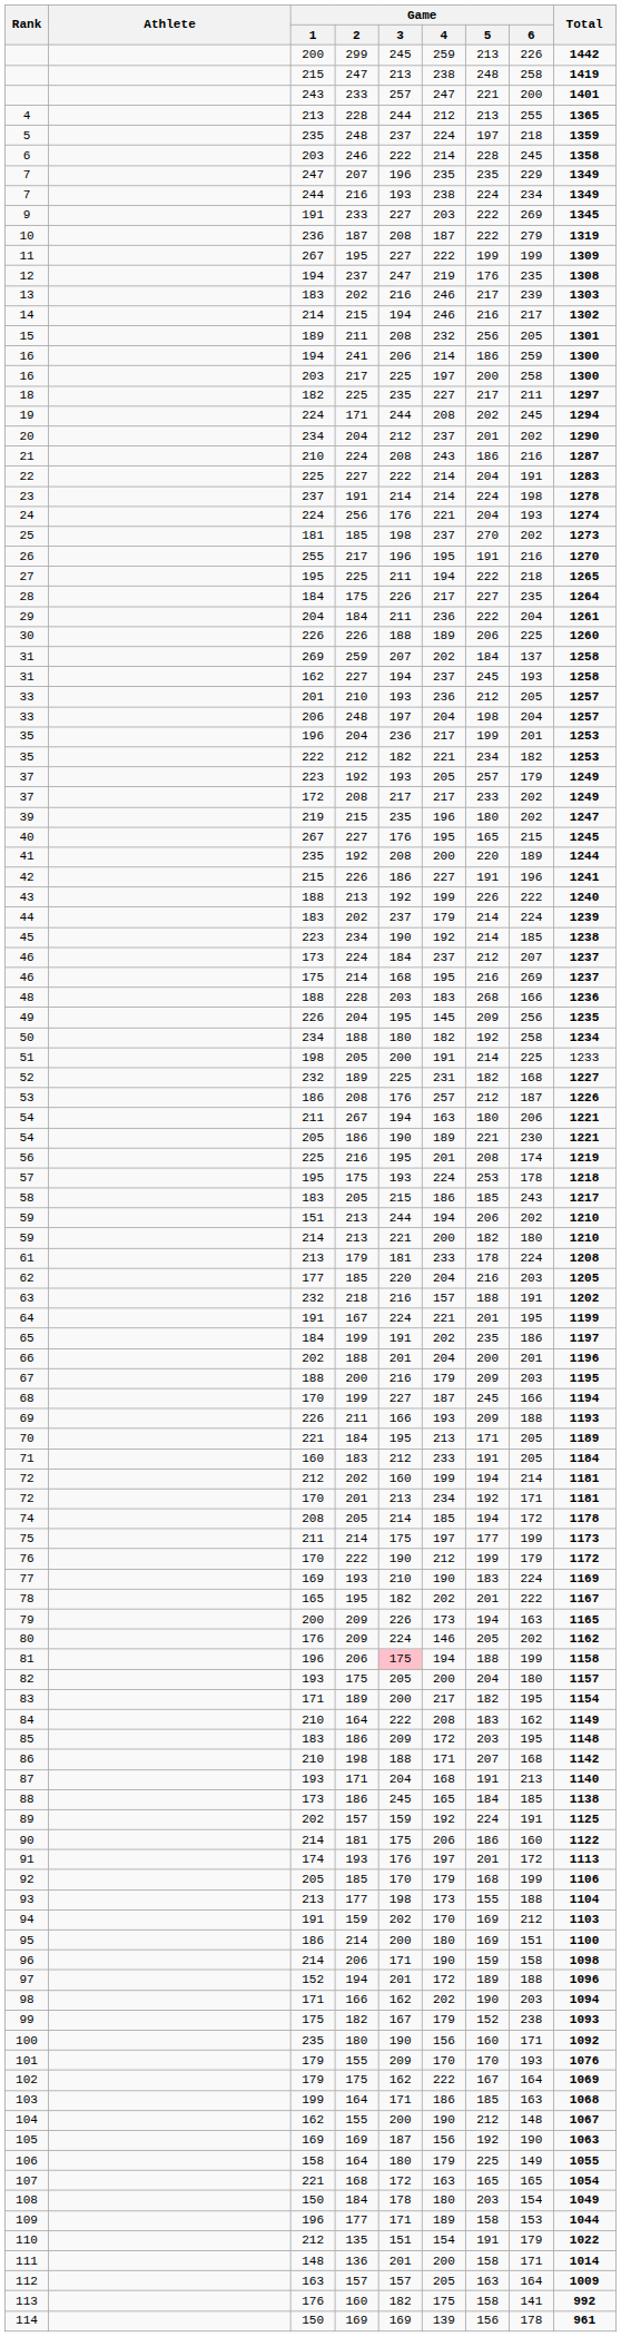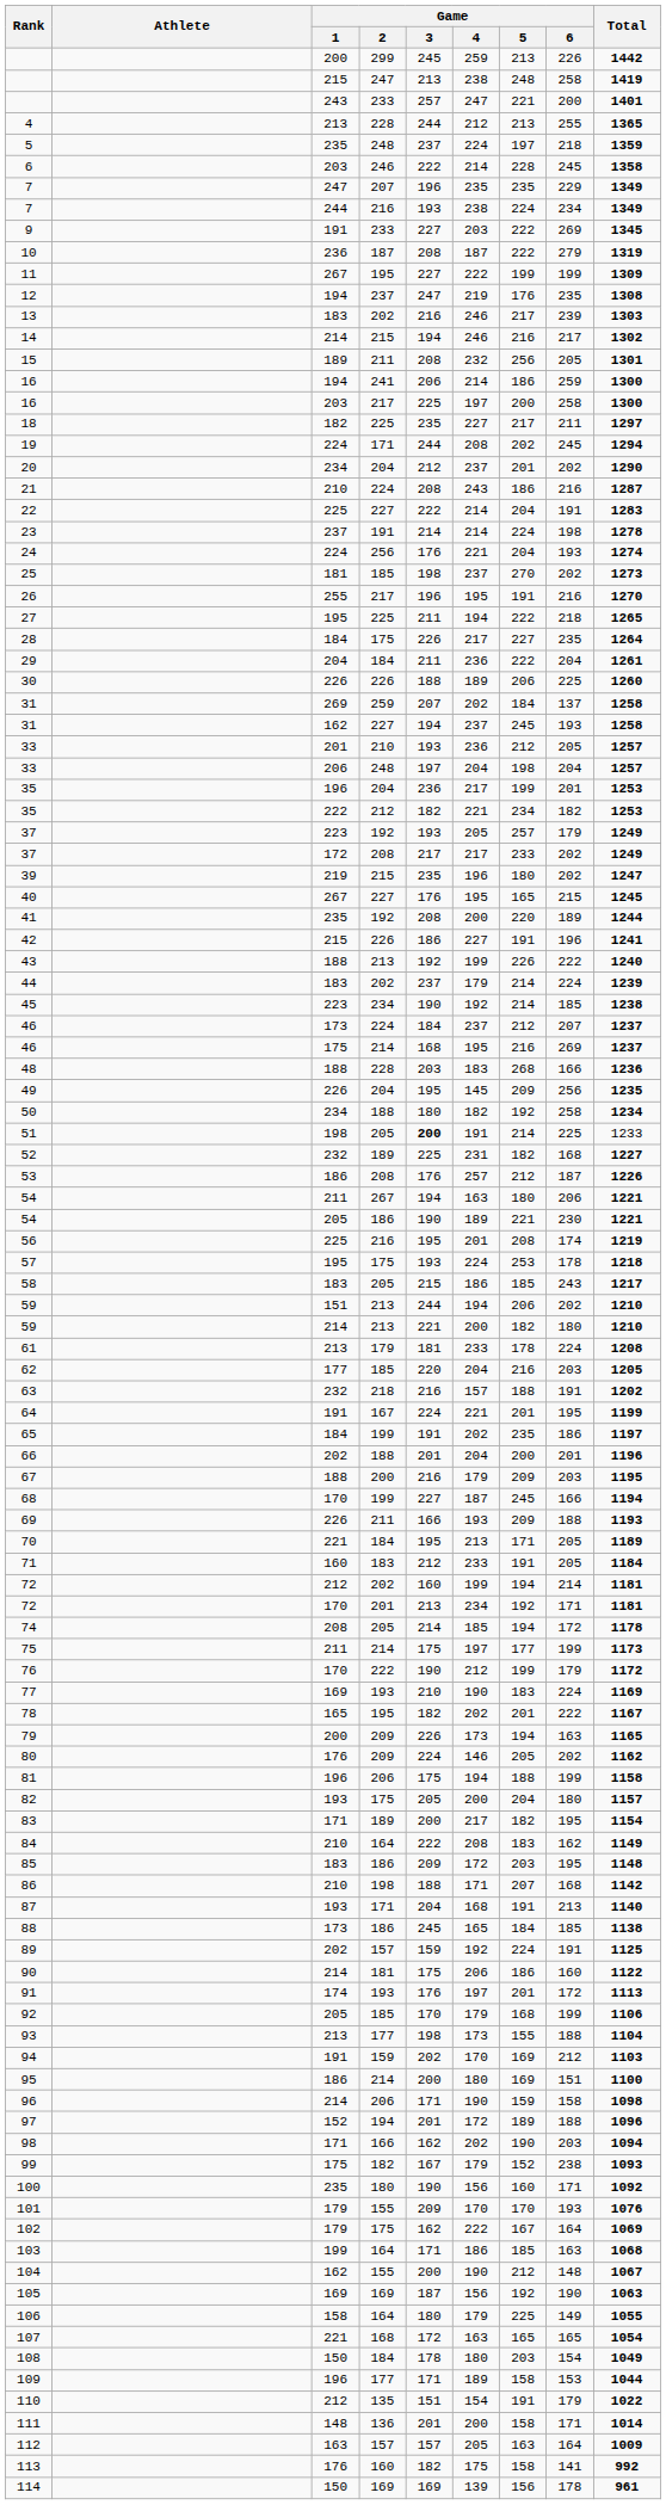 <table class=wikitable style="text-align:center">
 <tr>
 <th rowspan="2" width=40>Rank</th>
 <th rowspan="2" width=250>Athlete</th>
 <th colspan="6">Game</th>
 <th rowspan="2" width=60>Total</th>
 </tr>
 <tr>
 <th width=40>1</th>
 <th width=40>2</th>
 <th width=40>3</th>
 <th width=40>4</th>
 <th width=40>5</th>
 <th width=40>6</th>
 </tr>
 <tr>
 <td></td>
 <td align=left></td>
 <td>200</td>
 <td>299</td>
 <td>245</td>
 <td>259</td>
 <td>213</td>
 <td>226</td>
 <td><strong>1442</strong></td>
 </tr>
 <tr>
 <td></td>
 <td align=left></td>
 <td>215</td>
 <td>247</td>
 <td>213</td>
 <td>238</td>
 <td>248</td>
 <td>258</td>
 <td><strong>1419</strong></td>
 </tr>
 <tr>
 <td></td>
 <td align=left></td>
 <td>243</td>
 <td>233</td>
 <td>257</td>
 <td>247</td>
 <td>221</td>
 <td>200</td>
 <td><strong>1401</strong></td>
 </tr>
 <tr>
 <td>4</td>
 <td align=left></td>
 <td>213</td>
 <td>228</td>
 <td>244</td>
 <td>212</td>
 <td>213</td>
 <td>255</td>
 <td><strong>1365</strong></td>
 </tr>
 <tr>
 <td>5</td>
 <td align=left></td>
 <td>235</td>
 <td>248</td>
 <td>237</td>
 <td>224</td>
 <td>197</td>
 <td>218</td>
 <td><strong>1359</strong></td>
 </tr>
 <tr>
 <td>6</td>
 <td align=left></td>
 <td>203</td>
 <td>246</td>
 <td>222</td>
 <td>214</td>
 <td>228</td>
 <td>245</td>
 <td><strong>1358</strong></td>
 </tr>
 <tr>
 <td>7</td>
 <td align=left></td>
 <td>247</td>
 <td>207</td>
 <td>196</td>
 <td>235</td>
 <td>235</td>
 <td>229</td>
 <td><strong>1349</strong></td>
 </tr>
 <tr>
 <td>7</td>
 <td align=left></td>
 <td>244</td>
 <td>216</td>
 <td>193</td>
 <td>238</td>
 <td>224</td>
 <td>234</td>
 <td><strong>1349</strong></td>
 </tr>
 <tr>
 <td>9</td>
 <td align=left></td>
 <td>191</td>
 <td>233</td>
 <td>227</td>
 <td>203</td>
 <td>222</td>
 <td>269</td>
 <td><strong>1345</strong></td>
 </tr>
 <tr>
 <td>10</td>
 <td align=left></td>
 <td>236</td>
 <td>187</td>
 <td>208</td>
 <td>187</td>
 <td>222</td>
 <td>279</td>
 <td><strong>1319</strong></td>
 </tr>
 <tr>
 <td>11</td>
 <td align=left></td>
 <td>267</td>
 <td>195</td>
 <td>227</td>
 <td>222</td>
 <td>199</td>
 <td>199</td>
 <td><strong>1309</strong></td>
 </tr>
 <tr>
 <td>12</td>
 <td align=left></td>
 <td>194</td>
 <td>237</td>
 <td>247</td>
 <td>219</td>
 <td>176</td>
 <td>235</td>
 <td><strong>1308</strong></td>
 </tr>
 <tr>
 <td>13</td>
 <td align=left></td>
 <td>183</td>
 <td>202</td>
 <td>216</td>
 <td>246</td>
 <td>217</td>
 <td>239</td>
 <td><strong>1303</strong></td>
 </tr>
 <tr>
 <td>14</td>
 <td align=left></td>
 <td>214</td>
 <td>215</td>
 <td>194</td>
 <td>246</td>
 <td>216</td>
 <td>217</td>
 <td><strong>1302</strong></td>
 </tr>
 <tr>
 <td>15</td>
 <td align=left></td>
 <td>189</td>
 <td>211</td>
 <td>208</td>
 <td>232</td>
 <td>256</td>
 <td>205</td>
 <td><strong>1301</strong></td>
 </tr>
 <tr>
 <td>16</td>
 <td align=left></td>
 <td>194</td>
 <td>241</td>
 <td>206</td>
 <td>214</td>
 <td>186</td>
 <td>259</td>
 <td><strong>1300</strong></td>
 </tr>
 <tr>
 <td>16</td>
 <td align=left></td>
 <td>203</td>
 <td>217</td>
 <td>225</td>
 <td>197</td>
 <td>200</td>
 <td>258</td>
 <td><strong>1300</strong></td>
 </tr>
 <tr>
 <td>18</td>
 <td align=left></td>
 <td>182</td>
 <td>225</td>
 <td>235</td>
 <td>227</td>
 <td>217</td>
 <td>211</td>
 <td><strong>1297</strong></td>
 </tr>
 <tr>
 <td>19</td>
 <td align=left></td>
 <td>224</td>
 <td>171</td>
 <td>244</td>
 <td>208</td>
 <td>202</td>
 <td>245</td>
 <td><strong>1294</strong></td>
 </tr>
 <tr>
 <td>20</td>
 <td align=left></td>
 <td>234</td>
 <td>204</td>
 <td>212</td>
 <td>237</td>
 <td>201</td>
 <td>202</td>
 <td><strong>1290</strong></td>
 </tr>
 <tr>
 <td>21</td>
 <td align=left></td>
 <td>210</td>
 <td>224</td>
 <td>208</td>
 <td>243</td>
 <td>186</td>
 <td>216</td>
 <td><strong>1287</strong></td>
 </tr>
 <tr>
 <td>22</td>
 <td align=left></td>
 <td>225</td>
 <td>227</td>
 <td>222</td>
 <td>214</td>
 <td>204</td>
 <td>191</td>
 <td><strong>1283</strong></td>
 </tr>
 <tr>
 <td>23</td>
 <td align=left></td>
 <td>237</td>
 <td>191</td>
 <td>214</td>
 <td>214</td>
 <td>224</td>
 <td>198</td>
 <td><strong>1278</strong></td>
 </tr>
 <tr>
 <td>24</td>
 <td align=left></td>
 <td>224</td>
 <td>256</td>
 <td>176</td>
 <td>221</td>
 <td>204</td>
 <td>193</td>
 <td><strong>1274</strong></td>
 </tr>
 <tr>
 <td>25</td>
 <td align=left></td>
 <td>181</td>
 <td>185</td>
 <td>198</td>
 <td>237</td>
 <td>270</td>
 <td>202</td>
 <td><strong>1273</strong></td>
 </tr>
 <tr>
 <td>26</td>
 <td align=left></td>
 <td>255</td>
 <td>217</td>
 <td>196</td>
 <td>195</td>
 <td>191</td>
 <td>216</td>
 <td><strong>1270</strong></td>
 </tr>
 <tr>
 <td>27</td>
 <td align=left></td>
 <td>195</td>
 <td>225</td>
 <td>211</td>
 <td>194</td>
 <td>222</td>
 <td>218</td>
 <td><strong>1265</strong></td>
 </tr>
 <tr>
 <td>28</td>
 <td align=left></td>
 <td>184</td>
 <td>175</td>
 <td>226</td>
 <td>217</td>
 <td>227</td>
 <td>235</td>
 <td><strong>1264</strong></td>
 </tr>
 <tr>
 <td>29</td>
 <td align=left></td>
 <td>204</td>
 <td>184</td>
 <td>211</td>
 <td>236</td>
 <td>222</td>
 <td>204</td>
 <td><strong>1261</strong></td>
 </tr>
 <tr>
 <td>30</td>
 <td align=left></td>
 <td>226</td>
 <td>226</td>
 <td>188</td>
 <td>189</td>
 <td>206</td>
 <td>225</td>
 <td><strong>1260</strong></td>
 </tr>
 <tr>
 <td>31</td>
 <td align=left></td>
 <td>269</td>
 <td>259</td>
 <td>207</td>
 <td>202</td>
 <td>184</td>
 <td>137</td>
 <td><strong>1258</strong></td>
 </tr>
 <tr>
 <td>31</td>
 <td align=left></td>
 <td>162</td>
 <td>227</td>
 <td>194</td>
 <td>237</td>
 <td>245</td>
 <td>193</td>
 <td><strong>1258</strong></td>
 </tr>
 <tr>
 <td>33</td>
 <td align=left></td>
 <td>201</td>
 <td>210</td>
 <td>193</td>
 <td>236</td>
 <td>212</td>
 <td>205</td>
 <td><strong>1257</strong></td>
 </tr>
 <tr>
 <td>33</td>
 <td align=left></td>
 <td>206</td>
 <td>248</td>
 <td>197</td>
 <td>204</td>
 <td>198</td>
 <td>204</td>
 <td><strong>1257</strong></td>
 </tr>
 <tr>
 <td>35</td>
 <td align=left></td>
 <td>196</td>
 <td>204</td>
 <td>236</td>
 <td>217</td>
 <td>199</td>
 <td>201</td>
 <td><strong>1253</strong></td>
 </tr>
 <tr>
 <td>35</td>
 <td align=left></td>
 <td>222</td>
 <td>212</td>
 <td>182</td>
 <td>221</td>
 <td>234</td>
 <td>182</td>
 <td><strong>1253</strong></td>
 </tr>
 <tr>
 <td>37</td>
 <td align=left></td>
 <td>223</td>
 <td>192</td>
 <td>193</td>
 <td>205</td>
 <td>257</td>
 <td>179</td>
 <td><strong>1249</strong></td>
 </tr>
 <tr>
 <td>37</td>
 <td align=left></td>
 <td>172</td>
 <td>208</td>
 <td>217</td>
 <td>217</td>
 <td>233</td>
 <td>202</td>
 <td><strong>1249</strong></td>
 </tr>
 <tr>
 <td>39</td>
 <td align=left></td>
 <td>219</td>
 <td>215</td>
 <td>235</td>
 <td>196</td>
 <td>180</td>
 <td>202</td>
 <td><strong>1247</strong></td>
 </tr>
 <tr>
 <td>40</td>
 <td align=left></td>
 <td>267</td>
 <td>227</td>
 <td>176</td>
 <td>195</td>
 <td>165</td>
 <td>215</td>
 <td><strong>1245</strong></td>
 </tr>
 <tr>
 <td>41</td>
 <td align=left></td>
 <td>235</td>
 <td>192</td>
 <td>208</td>
 <td>200</td>
 <td>220</td>
 <td>189</td>
 <td><strong>1244</strong></td>
 </tr>
 <tr>
 <td>42</td>
 <td align=left></td>
 <td>215</td>
 <td>226</td>
 <td>186</td>
 <td>227</td>
 <td>191</td>
 <td>196</td>
 <td><strong>1241</strong></td>
 </tr>
 <tr>
 <td>43</td>
 <td align=left></td>
 <td>188</td>
 <td>213</td>
 <td>192</td>
 <td>199</td>
 <td>226</td>
 <td>222</td>
 <td><strong>1240</strong></td>
 </tr>
 <tr>
 <td>44</td>
 <td align=left></td>
 <td>183</td>
 <td>202</td>
 <td>237</td>
 <td>179</td>
 <td>214</td>
 <td>224</td>
 <td><strong>1239</strong></td>
 </tr>
 <tr>
 <td>45</td>
 <td align=left></td>
 <td>223</td>
 <td>234</td>
 <td>190</td>
 <td>192</td>
 <td>214</td>
 <td>185</td>
 <td><strong>1238</strong></td>
 </tr>
 <tr>
 <td>46</td>
 <td align=left></td>
 <td>173</td>
 <td>224</td>
 <td>184</td>
 <td>237</td>
 <td>212</td>
 <td>207</td>
 <td><strong>1237</strong></td>
 </tr>
 <tr>
 <td>46</td>
 <td align=left></td>
 <td>175</td>
 <td>214</td>
 <td>168</td>
 <td>195</td>
 <td>216</td>
 <td>269</td>
 <td><strong>1237</strong></td>
 </tr>
 <tr>
 <td>48</td>
 <td align=left></td>
 <td>188</td>
 <td>228</td>
 <td>203</td>
 <td>183</td>
 <td>268</td>
 <td>166</td>
 <td><strong>1236</strong></td>
 </tr>
 <tr>
 <td>49</td>
 <td align=left></td>
 <td>226</td>
 <td>204</td>
 <td>195</td>
 <td>145</td>
 <td>209</td>
 <td>256</td>
 <td><strong>1235</strong></td>
 </tr>
 <tr>
 <td>50</td>
 <td align=left></td>
 <td>234</td>
 <td>188</td>
 <td>180</td>
 <td>182</td>
 <td>192</td>
 <td>258</td>
 <td><strong>1234</strong></td>
 </tr>
 <tr>
 <td>51</td>
 <td align=left></td>
 <td>198</td>
 <td>205</td>
-<td>200</td>
+<td><strong>200</strong></td>
 <td>191</td>
 <td>214</td>
 <td>225</td>
 <td>1233</td>
 </tr>
 <tr>
 <td>52</td>
 <td align=left></td>
 <td>232</td>
 <td>189</td>
 <td>225</td>
 <td>231</td>
 <td>182</td>
 <td>168</td>
 <td><strong>1227</strong></td>
 </tr>
 <tr>
 <td>53</td>
 <td align=left></td>
 <td>186</td>
 <td>208</td>
 <td>176</td>
 <td>257</td>
 <td>212</td>
 <td>187</td>
 <td><strong>1226</strong></td>
 </tr>
 <tr>
 <td>54</td>
 <td align=left></td>
 <td>211</td>
 <td>267</td>
 <td>194</td>
 <td>163</td>
 <td>180</td>
 <td>206</td>
 <td><strong>1221</strong></td>
 </tr>
 <tr>
 <td>54</td>
 <td align=left></td>
 <td>205</td>
 <td>186</td>
 <td>190</td>
 <td>189</td>
 <td>221</td>
 <td>230</td>
 <td><strong>1221</strong></td>
 </tr>
 <tr>
 <td>56</td>
 <td align=left></td>
 <td>225</td>
 <td>216</td>
 <td>195</td>
 <td>201</td>
 <td>208</td>
 <td>174</td>
 <td><strong>1219</strong></td>
 </tr>
 <tr>
 <td>57</td>
 <td align=left></td>
 <td>195</td>
 <td>175</td>
 <td>193</td>
 <td>224</td>
 <td>253</td>
 <td>178</td>
 <td><strong>1218</strong></td>
 </tr>
 <tr>
 <td>58</td>
 <td align=left></td>
 <td>183</td>
 <td>205</td>
 <td>215</td>
 <td>186</td>
 <td>185</td>
 <td>243</td>
 <td><strong>1217</strong></td>
 </tr>
 <tr>
 <td>59</td>
 <td align=left></td>
 <td>151</td>
 <td>213</td>
 <td>244</td>
 <td>194</td>
 <td>206</td>
 <td>202</td>
 <td><strong>1210</strong></td>
 </tr>
 <tr>
 <td>59</td>
 <td align=left></td>
 <td>214</td>
 <td>213</td>
 <td>221</td>
 <td>200</td>
 <td>182</td>
 <td>180</td>
 <td><strong>1210</strong></td>
 </tr>
 <tr>
 <td>61</td>
 <td align=left></td>
 <td>213</td>
 <td>179</td>
 <td>181</td>
 <td>233</td>
 <td>178</td>
 <td>224</td>
 <td><strong>1208</strong></td>
 </tr>
 <tr>
 <td>62</td>
 <td align=left></td>
 <td>177</td>
 <td>185</td>
 <td>220</td>
 <td>204</td>
 <td>216</td>
 <td>203</td>
 <td><strong>1205</strong></td>
 </tr>
 <tr>
 <td>63</td>
 <td align=left></td>
 <td>232</td>
 <td>218</td>
 <td>216</td>
 <td>157</td>
 <td>188</td>
 <td>191</td>
 <td><strong>1202</strong></td>
 </tr>
 <tr>
 <td>64</td>
 <td align=left></td>
 <td>191</td>
 <td>167</td>
 <td>224</td>
 <td>221</td>
 <td>201</td>
 <td>195</td>
 <td><strong>1199</strong></td>
 </tr>
 <tr>
 <td>65</td>
 <td align=left></td>
 <td>184</td>
 <td>199</td>
 <td>191</td>
 <td>202</td>
 <td>235</td>
 <td>186</td>
 <td><strong>1197</strong></td>
 </tr>
 <tr>
 <td>66</td>
 <td align=left></td>
 <td>202</td>
 <td>188</td>
 <td>201</td>
 <td>204</td>
 <td>200</td>
 <td>201</td>
 <td><strong>1196</strong></td>
 </tr>
 <tr>
 <td>67</td>
 <td align=left></td>
 <td>188</td>
 <td>200</td>
 <td>216</td>
 <td>179</td>
 <td>209</td>
 <td>203</td>
 <td><strong>1195</strong></td>
 </tr>
 <tr>
 <td>68</td>
 <td align=left></td>
 <td>170</td>
 <td>199</td>
 <td>227</td>
 <td>187</td>
 <td>245</td>
 <td>166</td>
 <td><strong>1194</strong></td>
 </tr>
 <tr>
 <td>69</td>
 <td align=left></td>
 <td>226</td>
 <td>211</td>
 <td>166</td>
 <td>193</td>
 <td>209</td>
 <td>188</td>
 <td><strong>1193</strong></td>
 </tr>
 <tr>
 <td>70</td>
 <td align=left></td>
 <td>221</td>
 <td>184</td>
 <td>195</td>
 <td>213</td>
 <td>171</td>
 <td>205</td>
 <td><strong>1189</strong></td>
 </tr>
 <tr>
 <td>71</td>
 <td align=left></td>
 <td>160</td>
 <td>183</td>
 <td>212</td>
 <td>233</td>
 <td>191</td>
 <td>205</td>
 <td><strong>1184</strong></td>
 </tr>
 <tr>
 <td>72</td>
 <td align=left></td>
 <td>212</td>
 <td>202</td>
 <td>160</td>
 <td>199</td>
 <td>194</td>
 <td>214</td>
 <td><strong>1181</strong></td>
 </tr>
 <tr>
 <td>72</td>
 <td align=left></td>
 <td>170</td>
 <td>201</td>
 <td>213</td>
 <td>234</td>
 <td>192</td>
 <td>171</td>
 <td><strong>1181</strong></td>
 </tr>
 <tr>
 <td>74</td>
 <td align=left></td>
 <td>208</td>
 <td>205</td>
 <td>214</td>
 <td>185</td>
 <td>194</td>
 <td>172</td>
 <td><strong>1178</strong></td>
 </tr>
 <tr>
 <td>75</td>
 <td align=left></td>
 <td>211</td>
 <td>214</td>
 <td>175</td>
 <td>197</td>
 <td>177</td>
 <td>199</td>
 <td><strong>1173</strong></td>
 </tr>
 <tr>
 <td>76</td>
 <td align=left></td>
 <td>170</td>
 <td>222</td>
 <td>190</td>
 <td>212</td>
 <td>199</td>
 <td>179</td>
 <td><strong>1172</strong></td>
 </tr>
 <tr>
 <td>77</td>
 <td align=left></td>
 <td>169</td>
 <td>193</td>
 <td>210</td>
 <td>190</td>
 <td>183</td>
 <td>224</td>
 <td><strong>1169</strong></td>
 </tr>
 <tr>
 <td>78</td>
 <td align=left></td>
 <td>165</td>
 <td>195</td>
 <td>182</td>
 <td>202</td>
 <td>201</td>
 <td>222</td>
 <td><strong>1167</strong></td>
 </tr>
 <tr>
 <td>79</td>
 <td align=left></td>
 <td>200</td>
 <td>209</td>
 <td>226</td>
 <td>173</td>
 <td>194</td>
 <td>163</td>
 <td><strong>1165</strong></td>
 </tr>
 <tr>
 <td>80</td>
 <td align=left></td>
 <td>176</td>
 <td>209</td>
 <td>224</td>
 <td>146</td>
 <td>205</td>
 <td>202</td>
 <td><strong>1162</strong></td>
 </tr>
 <tr>
 <td>81</td>
 <td align=left></td>
 <td>196</td>
 <td>206</td>
-<td style="background: pink;">175</td>
+<td>175</td>
 <td>194</td>
 <td>188</td>
 <td>199</td>
 <td><strong>1158</strong></td>
 </tr>
 <tr>
 <td>82</td>
 <td align=left></td>
 <td>193</td>
 <td>175</td>
 <td>205</td>
 <td>200</td>
 <td>204</td>
 <td>180</td>
 <td><strong>1157</strong></td>
 </tr>
 <tr>
 <td>83</td>
 <td align=left></td>
 <td>171</td>
 <td>189</td>
 <td>200</td>
 <td>217</td>
 <td>182</td>
 <td>195</td>
 <td><strong>1154</strong></td>
 </tr>
 <tr>
 <td>84</td>
 <td align=left></td>
 <td>210</td>
 <td>164</td>
 <td>222</td>
 <td>208</td>
 <td>183</td>
 <td>162</td>
 <td><strong>1149</strong></td>
 </tr>
 <tr>
 <td>85</td>
 <td align=left></td>
 <td>183</td>
 <td>186</td>
 <td>209</td>
 <td>172</td>
 <td>203</td>
 <td>195</td>
 <td><strong>1148</strong></td>
 </tr>
 <tr>
 <td>86</td>
 <td align=left></td>
 <td>210</td>
 <td>198</td>
 <td>188</td>
 <td>171</td>
 <td>207</td>
 <td>168</td>
 <td><strong>1142</strong></td>
 </tr>
 <tr>
 <td>87</td>
 <td align=left></td>
 <td>193</td>
 <td>171</td>
 <td>204</td>
 <td>168</td>
 <td>191</td>
 <td>213</td>
 <td><strong>1140</strong></td>
 </tr>
 <tr>
 <td>88</td>
 <td align=left></td>
 <td>173</td>
 <td>186</td>
 <td>245</td>
 <td>165</td>
 <td>184</td>
 <td>185</td>
 <td><strong>1138</strong></td>
 </tr>
 <tr>
 <td>89</td>
 <td align=left></td>
 <td>202</td>
 <td>157</td>
 <td>159</td>
 <td>192</td>
 <td>224</td>
 <td>191</td>
 <td><strong>1125</strong></td>
 </tr>
 <tr>
 <td>90</td>
 <td align=left></td>
 <td>214</td>
 <td>181</td>
 <td>175</td>
 <td>206</td>
 <td>186</td>
 <td>160</td>
 <td><strong>1122</strong></td>
 </tr>
 <tr>
 <td>91</td>
 <td align=left></td>
 <td>174</td>
 <td>193</td>
 <td>176</td>
 <td>197</td>
 <td>201</td>
 <td>172</td>
 <td><strong>1113</strong></td>
 </tr>
 <tr>
 <td>92</td>
 <td align=left></td>
 <td>205</td>
 <td>185</td>
 <td>170</td>
 <td>179</td>
 <td>168</td>
 <td>199</td>
 <td><strong>1106</strong></td>
 </tr>
 <tr>
 <td>93</td>
 <td align=left></td>
 <td>213</td>
 <td>177</td>
 <td>198</td>
 <td>173</td>
 <td>155</td>
 <td>188</td>
 <td><strong>1104</strong></td>
 </tr>
 <tr>
 <td>94</td>
 <td align=left></td>
 <td>191</td>
 <td>159</td>
 <td>202</td>
 <td>170</td>
 <td>169</td>
 <td>212</td>
 <td><strong>1103</strong></td>
 </tr>
 <tr>
 <td>95</td>
 <td align=left></td>
 <td>186</td>
 <td>214</td>
 <td>200</td>
 <td>180</td>
 <td>169</td>
 <td>151</td>
 <td><strong>1100</strong></td>
 </tr>
 <tr>
 <td>96</td>
 <td align=left></td>
 <td>214</td>
 <td>206</td>
 <td>171</td>
 <td>190</td>
 <td>159</td>
 <td>158</td>
 <td><strong>1098</strong></td>
 </tr>
 <tr>
 <td>97</td>
 <td align=left></td>
 <td>152</td>
 <td>194</td>
 <td>201</td>
 <td>172</td>
 <td>189</td>
 <td>188</td>
 <td><strong>1096</strong></td>
 </tr>
 <tr>
 <td>98</td>
 <td align=left></td>
 <td>171</td>
 <td>166</td>
 <td>162</td>
 <td>202</td>
 <td>190</td>
 <td>203</td>
 <td><strong>1094</strong></td>
 </tr>
 <tr>
 <td>99</td>
 <td align=left></td>
 <td>175</td>
 <td>182</td>
 <td>167</td>
 <td>179</td>
 <td>152</td>
 <td>238</td>
 <td><strong>1093</strong></td>
 </tr>
 <tr>
 <td>100</td>
 <td align=left></td>
 <td>235</td>
 <td>180</td>
 <td>190</td>
 <td>156</td>
 <td>160</td>
 <td>171</td>
 <td><strong>1092</strong></td>
 </tr>
 <tr>
 <td>101</td>
 <td align=left></td>
 <td>179</td>
 <td>155</td>
 <td>209</td>
 <td>170</td>
 <td>170</td>
 <td>193</td>
 <td><strong>1076</strong></td>
 </tr>
 <tr>
 <td>102</td>
 <td align=left></td>
 <td>179</td>
 <td>175</td>
 <td>162</td>
 <td>222</td>
 <td>167</td>
 <td>164</td>
 <td><strong>1069</strong></td>
 </tr>
 <tr>
 <td>103</td>
 <td align=left></td>
 <td>199</td>
 <td>164</td>
 <td>171</td>
 <td>186</td>
 <td>185</td>
 <td>163</td>
 <td><strong>1068</strong></td>
 </tr>
 <tr>
 <td>104</td>
 <td align=left></td>
 <td>162</td>
 <td>155</td>
 <td>200</td>
 <td>190</td>
 <td>212</td>
 <td>148</td>
 <td><strong>1067</strong></td>
 </tr>
 <tr>
 <td>105</td>
 <td align=left></td>
 <td>169</td>
 <td>169</td>
 <td>187</td>
 <td>156</td>
 <td>192</td>
 <td>190</td>
 <td><strong>1063</strong></td>
 </tr>
 <tr>
 <td>106</td>
 <td align=left></td>
 <td>158</td>
 <td>164</td>
 <td>180</td>
 <td>179</td>
 <td>225</td>
 <td>149</td>
 <td><strong>1055</strong></td>
 </tr>
 <tr>
 <td>107</td>
 <td align=left></td>
 <td>221</td>
 <td>168</td>
 <td>172</td>
 <td>163</td>
 <td>165</td>
 <td>165</td>
 <td><strong>1054</strong></td>
 </tr>
 <tr>
 <td>108</td>
 <td align=left></td>
 <td>150</td>
 <td>184</td>
 <td>178</td>
 <td>180</td>
 <td>203</td>
 <td>154</td>
 <td><strong>1049</strong></td>
 </tr>
 <tr>
 <td>109</td>
 <td align=left></td>
 <td>196</td>
 <td>177</td>
 <td>171</td>
 <td>189</td>
 <td>158</td>
 <td>153</td>
 <td><strong>1044</strong></td>
 </tr>
 <tr>
 <td>110</td>
 <td align=left></td>
 <td>212</td>
 <td>135</td>
 <td>151</td>
 <td>154</td>
 <td>191</td>
 <td>179</td>
 <td><strong>1022</strong></td>
 </tr>
 <tr>
 <td>111</td>
 <td align=left></td>
 <td>148</td>
 <td>136</td>
 <td>201</td>
 <td>200</td>
 <td>158</td>
 <td>171</td>
 <td><strong>1014</strong></td>
 </tr>
 <tr>
 <td>112</td>
 <td align=left></td>
 <td>163</td>
 <td>157</td>
 <td>157</td>
 <td>205</td>
 <td>163</td>
 <td>164</td>
 <td><strong>1009</strong></td>
 </tr>
 <tr>
 <td>113</td>
 <td align=left></td>
 <td>176</td>
 <td>160</td>
 <td>182</td>
 <td>175</td>
 <td>158</td>
 <td>141</td>
 <td><strong>992</strong></td>
 </tr>
 <tr>
 <td>114</td>
 <td align=left></td>
 <td>150</td>
 <td>169</td>
 <td>169</td>
 <td>139</td>
 <td>156</td>
 <td>178</td>
 <td><strong>961</strong></td>
 </tr>
 </table>
